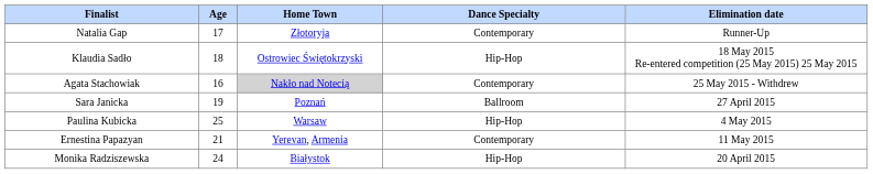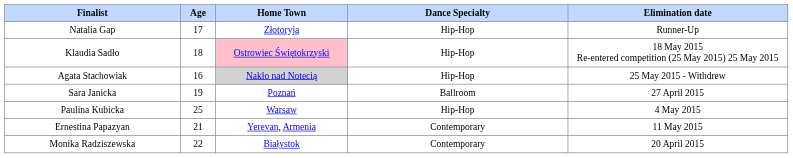 <table border="1" cellpadding="4" cellspacing="0"  style="text-align:center; font-size:90%; border-collapse:collapse; width:75%;">
 <tr style="background:#C1D8FF;">
 <th style="width:20%;">Finalist</th>
 <th style="width:4%; text-align:center;">Age</th>
 <th style="width:15%;">Home Town</th>
 <th style="width:25%;">Dance Specialty</th>
 <th style="width:25%;">Elimination date</th>
 </tr>
 <tr>
 <td>Natalia Gap</td>
 <td>17</td>
 <td><a href='#'>Złotoryja</a></td>
-<td>Contemporary</td>
+<td>Hip-Hop</td>
 <td>Runner-Up</td>
 </tr>
 <tr>
 <td>Klaudia Sadło</td>
 <td>18</td>
-<td><a href='#'>Ostrowiec Świętokrzyski</a></td>
+<td style="background: pink;"><a href='#'>Ostrowiec Świętokrzyski</a></td>
 <td>Hip-Hop</td>
 <td>18 May 2015<br>Re-entered competition (25 May 2015) 25 May 2015</td>
 </tr>
 <tr>
 <td>Agata Stachowiak</td>
 <td>16</td>
 <td style="background: lightgrey;"><a href='#'>Nakło nad Notecią</a></td>
-<td>Contemporary</td>
+<td>Hip-Hop</td>
 <td>25 May 2015 - Withdrew</td>
 </tr>
 <tr>
 <td>Sara Janicka</td>
 <td>19</td>
 <td><a href='#'>Poznań</a></td>
 <td>Ballroom</td>
 <td>27 April 2015</td>
 </tr>
 <tr>
 <td>Paulina Kubicka</td>
 <td>25</td>
 <td><a href='#'>Warsaw</a></td>
 <td>Hip-Hop</td>
 <td>4 May 2015</td>
 </tr>
 <tr>
 <td>Ernestina Papazyan</td>
 <td>21</td>
 <td><a href='#'>Yerevan</a>, <a href='#'>Armenia</a></td>
 <td>Contemporary</td>
 <td>11 May 2015</td>
 </tr>
 <tr>
 <td>Monika Radziszewska</td>
-<td>24</td>
+<td>22</td>
 <td><a href='#'>Białystok</a></td>
-<td>Hip-Hop</td>
+<td>Contemporary</td>
 <td>20 April 2015</td>
 </tr>
 </table>
